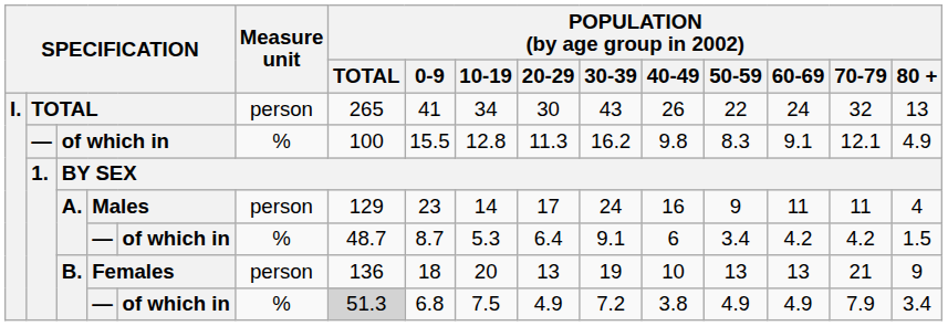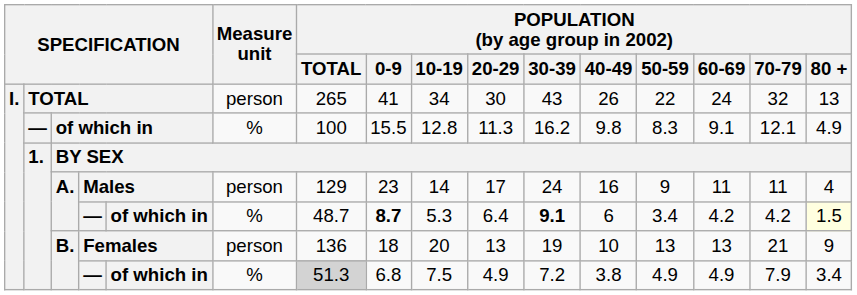 <table class="wikitable" style="font-size:85%; text-align:center">
 <tr>
 <th rowspan="2" colspan="5">SPECIFICATION</th>
 <th rowspan="2">Measure<br> unit</th>
 <th colspan="10" rowspan="1">POPULATION<br> (by age group in 2002)</th>
 </tr>
 <tr>
 <th>TOTAL</th>
 <th>0-9</th>
 <th>10-19</th>
 <th>20-29</th>
 <th>30-39</th>
 <th>40-49</th>
 <th>50-59</th>
 <th>60-69</th>
 <th>70-79</th>
 <th>80 +</th>
 </tr>
 <tr>
 <th style="text-align:left" valign="top" rowspan="7">I.</th>
 <th style="text-align:left" colspan="4">TOTAL</th>
 <td>person</td>
 <td>265</td>
 <td>41</td>
 <td>34</td>
 <td>30</td>
 <td>43</td>
 <td>26</td>
 <td>22</td>
 <td>24</td>
 <td>32</td>
 <td>13</td>
 </tr>
 <tr>
 <th style="text-align:left" valign="top">—</th>
 <th style="text-align:left" colspan="3">of which in</th>
 <td>%</td>
 <td>100</td>
 <td>15.5</td>
 <td>12.8</td>
 <td>11.3</td>
 <td>16.2</td>
 <td>9.8</td>
 <td>8.3</td>
 <td>9.1</td>
 <td>12.1</td>
 <td>4.9</td>
 </tr>
 <tr>
 <th style="text-align:left" valign="top" rowspan="5">1.</th>
 <th style="text-align:left" colspan="14">BY SEX</th>
 </tr>
 <tr>
 <th style="text-align:left" valign="top" rowspan="2">A.</th>
 <th style="text-align:left" colspan="2">Males</th>
 <td>person</td>
 <td>129</td>
 <td>23</td>
 <td>14</td>
 <td>17</td>
 <td>24</td>
 <td>16</td>
 <td>9</td>
 <td>11</td>
 <td>11</td>
 <td>4</td>
 </tr>
 <tr>
 <th style="text-align:left" valign="top">—</th>
 <th style="text-align:left" colspan="1">of which in</th>
 <td>%</td>
 <td>48.7</td>
-<td>8.7</td>
+<td><strong>8.7</strong></td>
 <td>5.3</td>
 <td>6.4</td>
-<td>9.1</td>
+<td><strong>9.1</strong></td>
 <td>6</td>
 <td>3.4</td>
 <td>4.2</td>
 <td>4.2</td>
-<td>1.5</td>
+<td style="background: lightyellow;">1.5</td>
 </tr>
 <tr>
 <th style="text-align:left" valign="top" rowspan="2">B.</th>
 <th style="text-align:left" colspan="2">Females</th>
 <td>person</td>
 <td>136</td>
 <td>18</td>
 <td>20</td>
 <td>13</td>
 <td>19</td>
 <td>10</td>
 <td>13</td>
 <td>13</td>
 <td>21</td>
 <td>9</td>
 </tr>
 <tr>
 <th style="text-align:left" valign="top">—</th>
 <th style="text-align:left" colspan="1">of which in</th>
 <td>%</td>
 <td style="background: lightgrey;">51.3</td>
 <td>6.8</td>
 <td>7.5</td>
 <td>4.9</td>
 <td>7.2</td>
 <td>3.8</td>
 <td>4.9</td>
 <td>4.9</td>
 <td>7.9</td>
 <td>3.4</td>
 </tr>
 </table>
